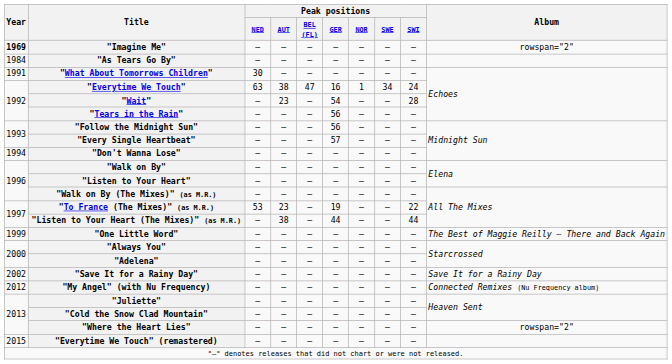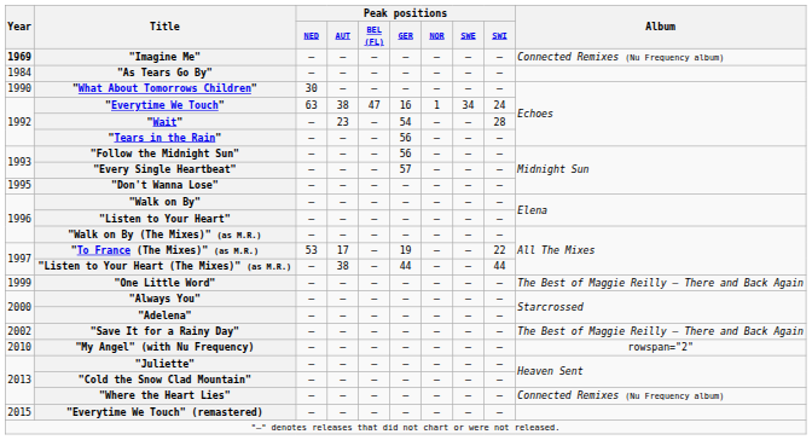 <table class="wikitable plainrowheaders" style="text-align:center;">
 <tr>
 <th scope="col" rowspan="2">Year</th>
 <th scope="col" rowspan="2" style="width:26em;">Title</th>
 <th scope="col" colspan="7">Peak positions</th>
 <th scope="col" rowspan="2">Album</th>
 </tr>
 <tr>
 <th scope="col" width="35"><small><a href='#'>NED</a></small></th>
 <th scope="col" width="35"><small><a href='#'>AUT</a></small></th>
 <th scope="col" width="35"><small><a href='#'>BEL<br>(FL)</a></small></th>
 <th scope="col" width="35"><small><a href='#'>GER</a></small><br></th>
 <th scope="col" width="35"><small><a href='#'>NOR</a></small></th>
 <th scope="col" width="35"><small><a href='#'>SWE</a></small></th>
 <th scope="col" width="35"><small><a href='#'>SWI</a></small></th>
 </tr>
 <tr>
 <td><strong>1969</strong></td>
 <th scope="row">"Imagine Me"</th>
 <td>—</td>
 <td>—</td>
 <td>—</td>
 <td>—</td>
 <td>—</td>
 <td>—</td>
 <td>—</td>
-<td>rowspan="2" </td>
+<td align="left"><em>Connected Remixes</em> <small>(Nu Frequency album)</small></td>
 </tr>
 <tr>
 <td>1984</td>
 <th scope="row">"As Tears Go By"</th>
 <td>—</td>
 <td>—</td>
 <td>—</td>
 <td>—</td>
 <td>—</td>
 <td>—</td>
 <td>—</td>
 </tr>
 <tr>
-<td>1991</td>
+<td>1990</td>
 <th scope="row">"<a href='#'>What About Tomorrows Children</a>"</th>
 <td>30</td>
 <td>—</td>
 <td>—</td>
 <td>—</td>
 <td>—</td>
 <td>—</td>
 <td>—</td>
 <td align="left" rowspan="4"><em>Echoes</em></td>
 </tr>
 <tr>
 <td rowspan="3">1992</td>
 <th scope="row">"<a href='#'>Everytime We Touch</a>"</th>
 <td>63</td>
 <td>38</td>
 <td>47</td>
 <td>16</td>
 <td>1</td>
 <td>34</td>
 <td>24</td>
 </tr>
 <tr>
 <th scope="row">"<a href='#'>Wait</a>"</th>
 <td>—</td>
 <td>23</td>
 <td>—</td>
 <td>54</td>
 <td>—</td>
 <td>—</td>
 <td>28</td>
 </tr>
 <tr>
 <th scope="row">"<a href='#'>Tears in the Rain</a>"</th>
 <td>—</td>
 <td>—</td>
 <td>—</td>
 <td>56</td>
 <td>—</td>
 <td>—</td>
 <td>—</td>
 </tr>
 <tr>
 <td rowspan="2">1993</td>
 <th scope="row">"Follow the Midnight Sun"</th>
 <td>—</td>
 <td>—</td>
 <td>—</td>
 <td>56</td>
 <td>—</td>
 <td>—</td>
 <td>—</td>
 <td align="left" rowspan="3"><em>Midnight Sun</em></td>
 </tr>
 <tr>
 <th scope="row">"Every Single Heartbeat"</th>
 <td>—</td>
 <td>—</td>
 <td>—</td>
 <td>57</td>
 <td>—</td>
 <td>—</td>
 <td>—</td>
 </tr>
 <tr>
-<td>1994</td>
+<td>1995</td>
 <th scope="row">"Don't Wanna Lose"</th>
 <td>—</td>
 <td>—</td>
 <td>—</td>
 <td>—</td>
 <td>—</td>
 <td>—</td>
 <td>—</td>
 </tr>
 <tr>
 <td rowspan="3">1996</td>
 <th scope="row">"Walk on By"</th>
 <td>—</td>
 <td>—</td>
 <td>—</td>
 <td>—</td>
 <td>—</td>
 <td>—</td>
 <td>—</td>
 <td align="left" rowspan="2"><em>Elena</em></td>
 </tr>
 <tr>
 <th scope="row">"Listen to Your Heart"</th>
 <td>—</td>
 <td>—</td>
 <td>—</td>
 <td>—</td>
 <td>—</td>
 <td>—</td>
 <td>—</td>
 </tr>
 <tr>
 <th scope="row">"Walk on By (The Mixes)" <small>(as M.R.)</small></th>
 <td>—</td>
 <td>—</td>
 <td>—</td>
 <td>—</td>
 <td>—</td>
 <td>—</td>
 <td>—</td>
 <td align="left" rowspan="3"><em>All The Mixes</em></td>
 </tr>
 <tr>
 <td rowspan="2">1997</td>
 <th scope="row">"<a href='#'>To France</a> (The Mixes)" <small>(as M.R.)</small></th>
 <td>53</td>
-<td>23</td>
+<td>17</td>
 <td>—</td>
 <td>19</td>
 <td>—</td>
 <td>—</td>
 <td>22</td>
 </tr>
 <tr>
 <th scope="row">"Listen to Your Heart (The Mixes)" <small>(as M.R.)</small></th>
 <td>—</td>
 <td>38</td>
 <td>—</td>
 <td>44</td>
 <td>—</td>
 <td>—</td>
 <td>44</td>
 </tr>
 <tr>
 <td>1999</td>
 <th scope="row">"One Little Word"</th>
 <td>—</td>
 <td>—</td>
 <td>—</td>
 <td>—</td>
 <td>—</td>
 <td>—</td>
 <td>—</td>
 <td align="left"><em>The Best of Maggie Reilly – There and Back Again</em></td>
 </tr>
 <tr>
 <td rowspan="2">2000</td>
 <th scope="row">"Always You"</th>
 <td>—</td>
 <td>—</td>
 <td>—</td>
 <td>—</td>
 <td>—</td>
 <td>—</td>
 <td>—</td>
 <td align="left" rowspan="2"><em>Starcrossed</em></td>
 </tr>
 <tr>
 <th scope="row">"Adelena"</th>
 <td>—</td>
 <td>—</td>
 <td>—</td>
 <td>—</td>
 <td>—</td>
 <td>—</td>
 <td>—</td>
 </tr>
 <tr>
 <td>2002</td>
 <th scope="row">"Save It for a Rainy Day"</th>
 <td>—</td>
 <td>—</td>
 <td>—</td>
 <td>—</td>
 <td>—</td>
 <td>—</td>
 <td>—</td>
-<td align="left"><em>Save It for a Rainy Day</em></td>
+<td align="left"><em>The Best of Maggie Reilly – There and Back Again</em></td>
 </tr>
 <tr>
-<td>2012</td>
+<td>2010</td>
 <th scope="row">"My Angel" (with Nu Frequency)</th>
 <td>—</td>
 <td>—</td>
 <td>—</td>
 <td>—</td>
 <td>—</td>
 <td>—</td>
 <td>—</td>
-<td align="left"><em>Connected Remixes</em> <small>(Nu Frequency album)</small></td>
+<td>rowspan="2" </td>
 </tr>
 <tr>
 <td rowspan="3">2013</td>
 <th scope="row">"Juliette"</th>
 <td>—</td>
 <td>—</td>
 <td>—</td>
 <td>—</td>
 <td>—</td>
 <td>—</td>
 <td>—</td>
 <td align="left" rowspan="2"><em>Heaven Sent</em></td>
 </tr>
 <tr>
 <th scope="row">"Cold the Snow Clad Mountain"</th>
 <td>—</td>
 <td>—</td>
 <td>—</td>
 <td>—</td>
 <td>—</td>
 <td>—</td>
 <td>—</td>
 </tr>
 <tr>
 <th scope="row">"Where the Heart Lies" <br> </th>
 <td>—</td>
 <td>—</td>
 <td>—</td>
 <td>—</td>
 <td>—</td>
 <td>—</td>
 <td>—</td>
-<td>rowspan="2" </td>
+<td align="left"><em>Connected Remixes</em> <small>(Nu Frequency album)</small></td>
 </tr>
 <tr>
 <td>2015</td>
 <th scope="row">"Everytime We Touch" (remastered)</th>
 <td>—</td>
 <td>—</td>
 <td>—</td>
 <td>—</td>
 <td>—</td>
 <td>—</td>
 <td>—</td>
 </tr>
 <tr>
 <td align="center" colspan="14" style="font-size:85%">"—" denotes releases that did not chart or were not released.</td>
 </tr>
 </table>
